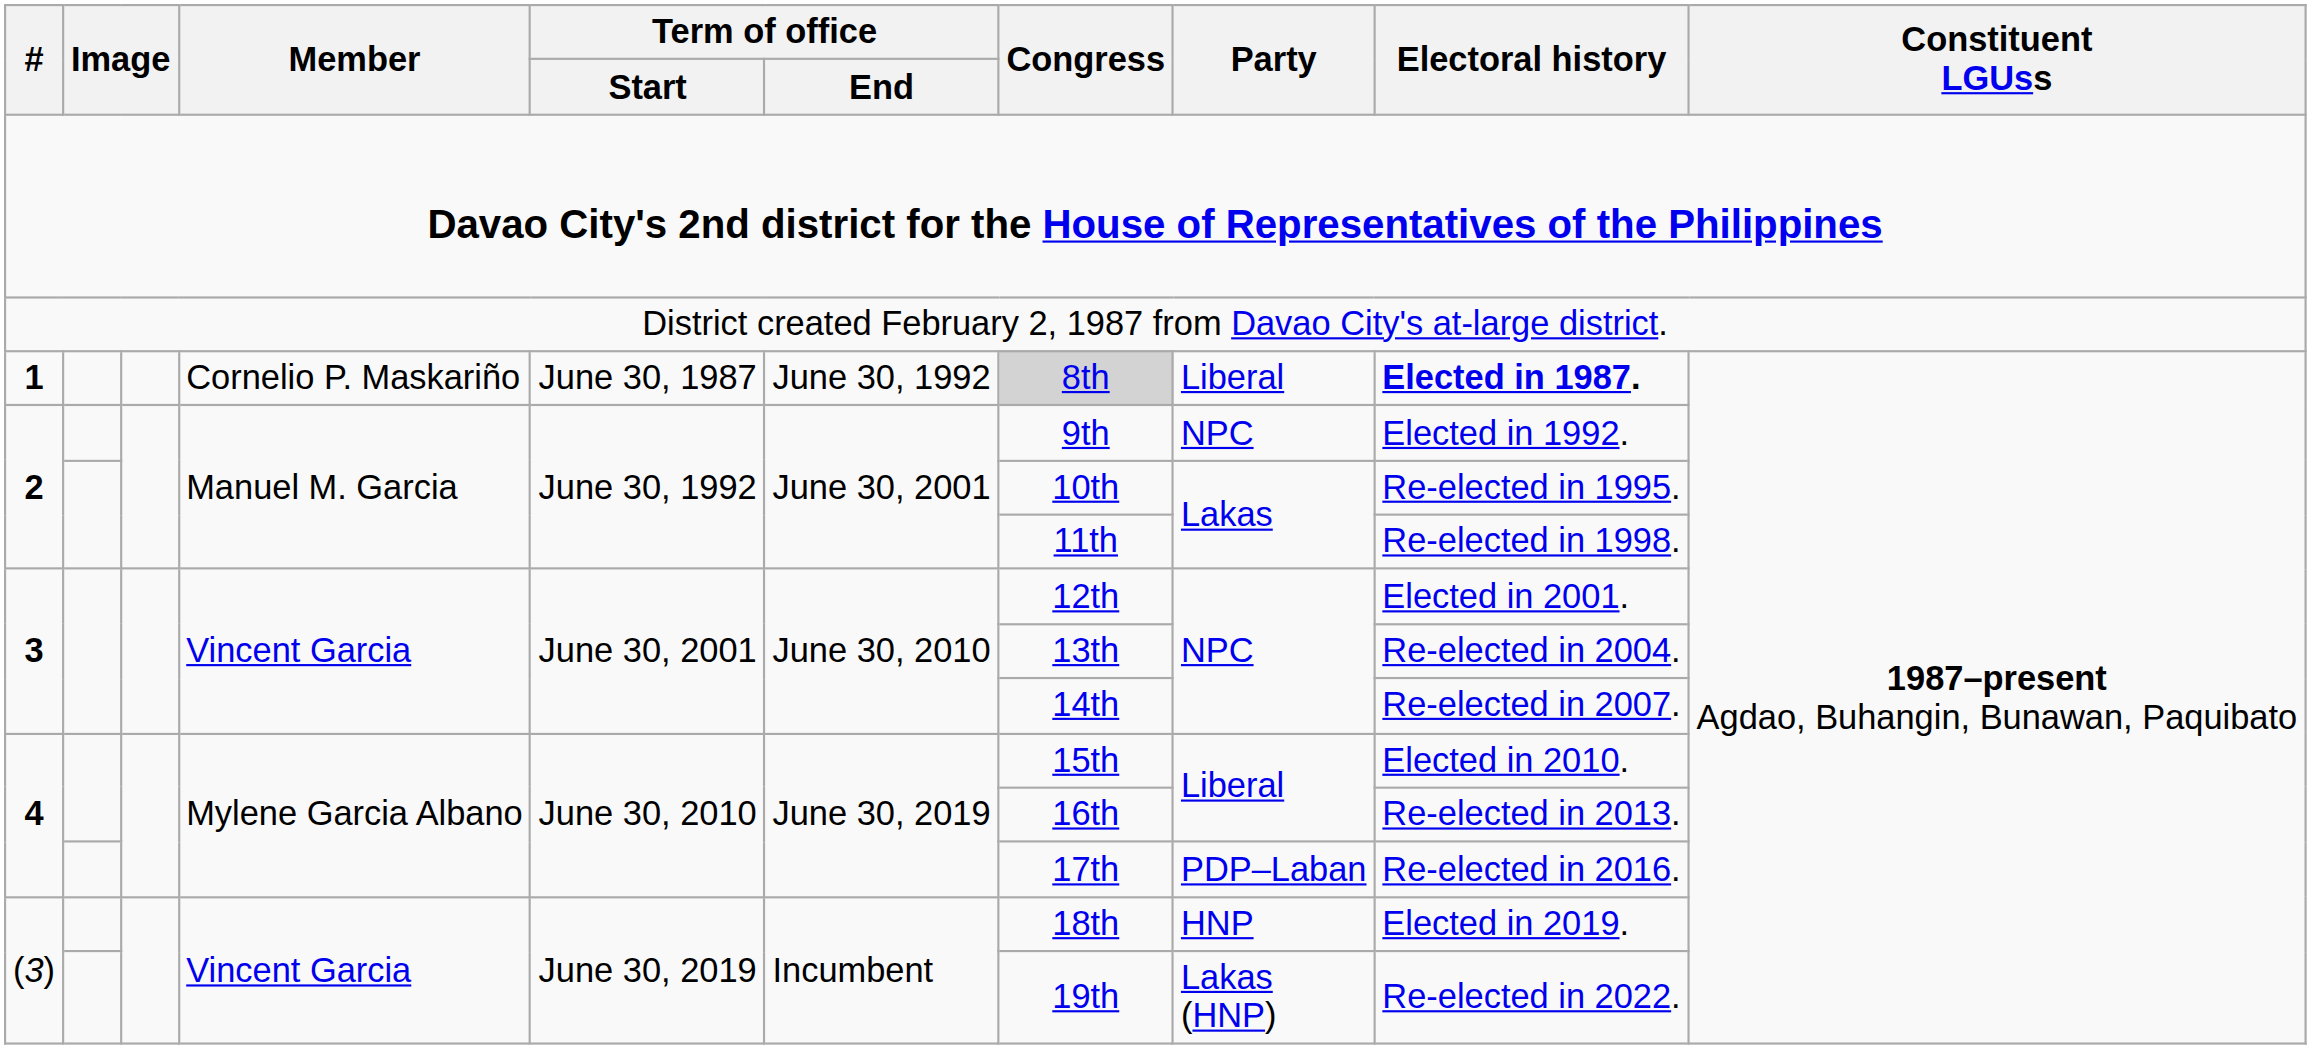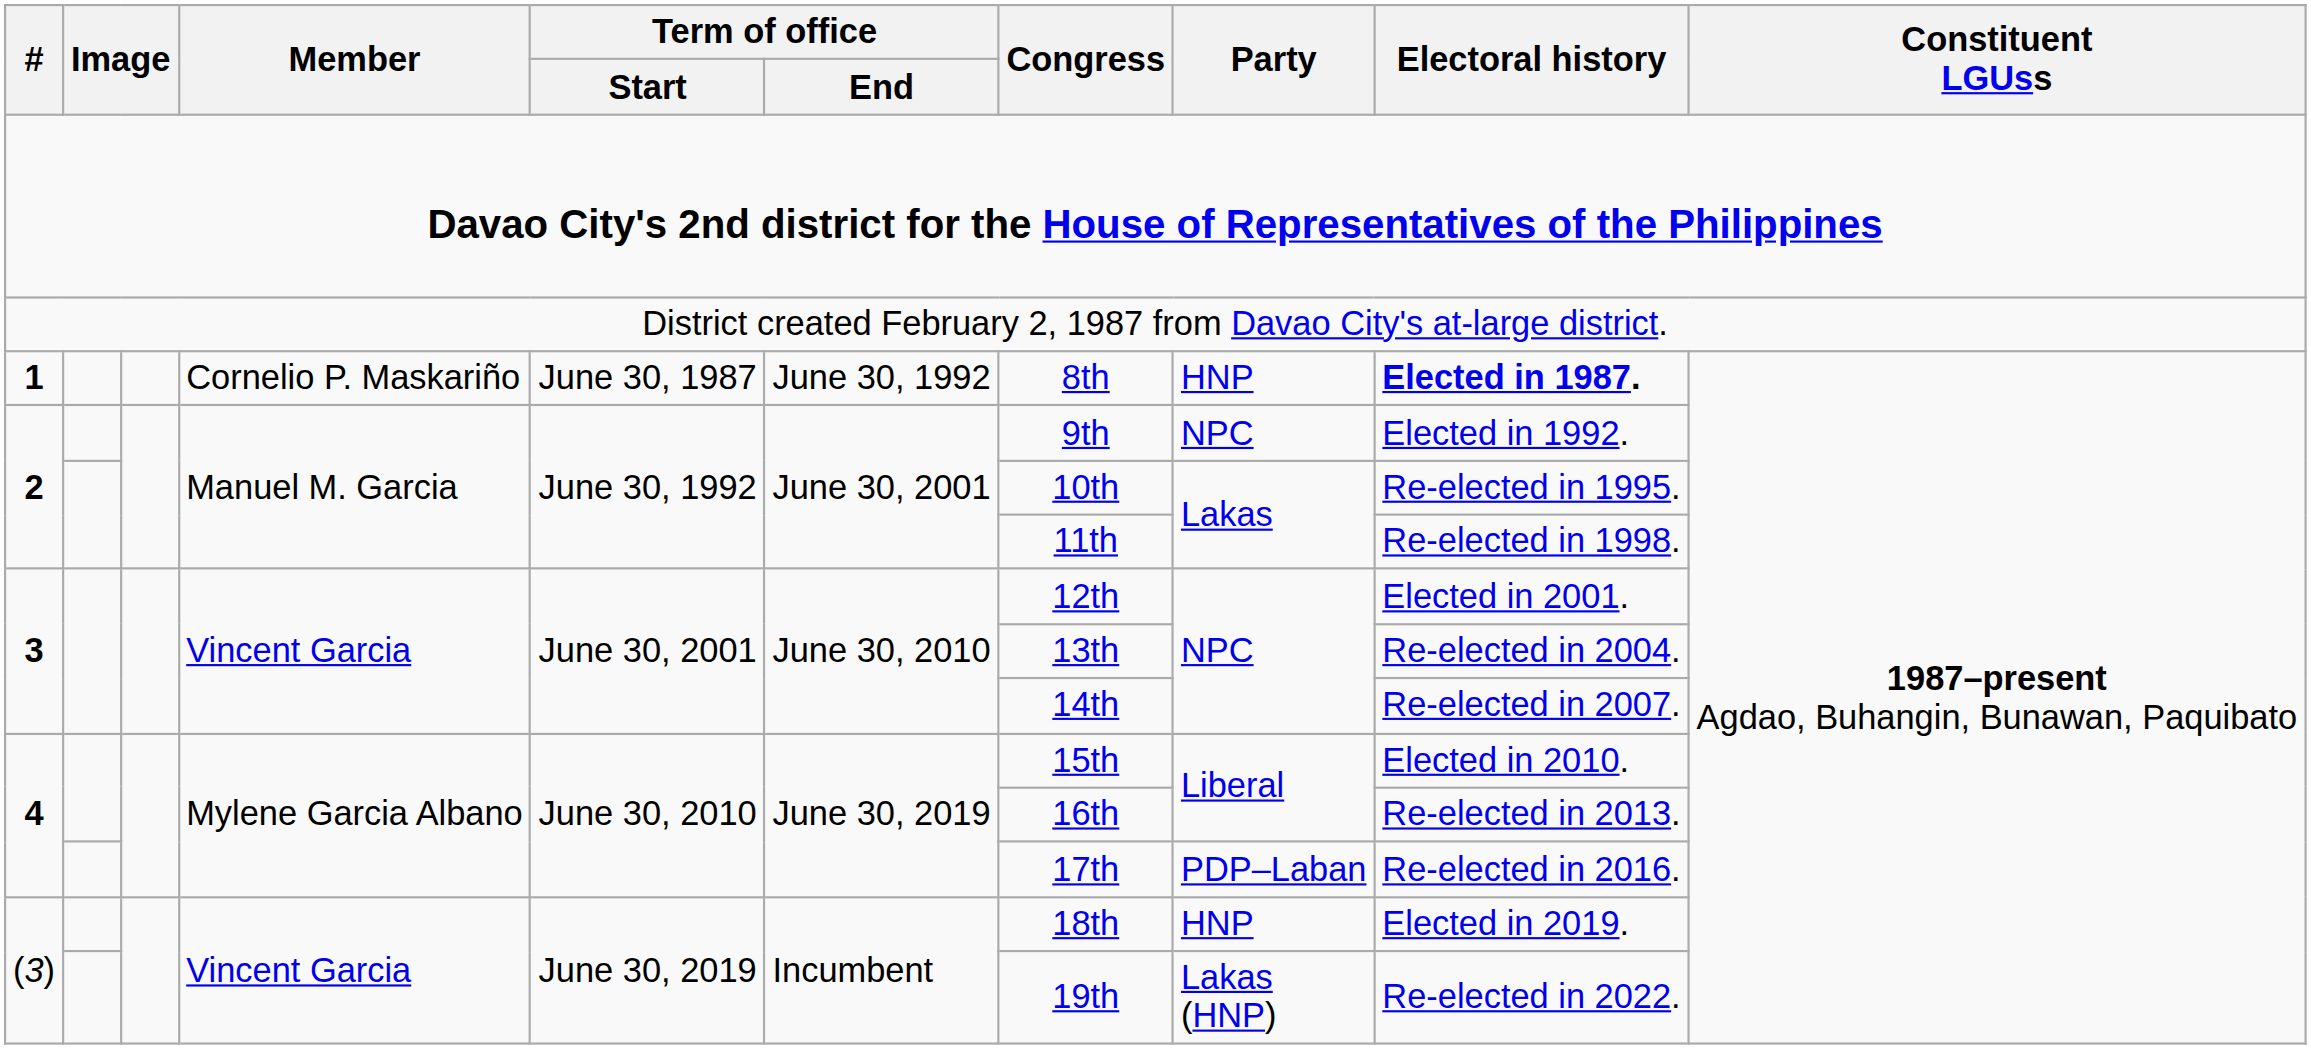 <table class=wikitable>
 <tr>
 <th rowspan="2">#</th>
 <th rowspan="2" colspan=2>Image</th>
 <th rowspan="2">Member</th>
 <th colspan=2>Term of office</th>
 <th rowspan="2">Congress</th>
 <th rowspan="2">Party</th>
 <th rowspan="2">Electoral history</th>
 <th rowspan="2">Constituent<br><a href='#'>LGUs</a>s</th>
 </tr>
 <tr>
 <th>Start</th>
 <th>End</th>
 </tr>
 <tr>
 <td colspan="10" style="text-align:center;"><br><h3>Davao City's 2nd district for the <a href='#'>House of Representatives of the Philippines</a></h3></td>
 </tr>
 <tr>
 <td colspan="10" style="text-align:center;">District created February 2, 1987 from <a href='#'>Davao City's at-large district</a>.</td>
 </tr>
 <tr>
 <td style="text-align:center;"><strong>1</strong></td>
 <td style="color:inherit;background:"></td>
 <td></td>
 <td>Cornelio P. Maskariño</td>
 <td>June 30, 1987</td>
 <td>June 30, 1992</td>
-<td style="background: lightgrey; text-align:center;"><a href='#'>8th</a></td>
-<td><a href='#'>Liberal</a></td>
+<td style="text-align:center;"><a href='#'>8th</a></td>
+<td><a href='#'>HNP</a></td>
 <td><strong><a href='#'>Elected in 1987</a>.</strong></td>
 <td rowspan="12" style="text-align:center;"><strong>1987–present</strong><br>Agdao, Buhangin, Bunawan, Paquibato</td>
 </tr>
 <tr>
 <td rowspan="3" style="text-align:center;"><strong>2</strong></td>
 <td style="color:inherit;background:"></td>
 <td rowspan="3"></td>
 <td rowspan="3">Manuel M. Garcia</td>
 <td rowspan="3">June 30, 1992</td>
 <td rowspan="3">June 30, 2001</td>
 <td style="text-align:center;"><a href='#'>9th</a></td>
 <td><a href='#'>NPC</a></td>
 <td><a href='#'>Elected in 1992</a>.</td>
 </tr>
 <tr>
 <td rowspan="2" style="color:inherit;background:"></td>
 <td style="text-align:center;"><a href='#'>10th</a></td>
 <td rowspan="2"><a href='#'>Lakas</a></td>
 <td><a href='#'>Re-elected in 1995</a>.</td>
 </tr>
 <tr>
 <td style="text-align:center;"><a href='#'>11th</a></td>
 <td><a href='#'>Re-elected in 1998</a>.</td>
 </tr>
 <tr>
 <td rowspan="3" style="text-align:center;"><strong>3</strong></td>
 <td rowspan="3" style="color:inherit;background:"></td>
 <td rowspan="3"></td>
 <td rowspan="3"><a href='#'>Vincent Garcia</a></td>
 <td rowspan="3">June 30, 2001</td>
 <td rowspan="3">June 30, 2010</td>
 <td style="text-align:center;"><a href='#'>12th</a></td>
 <td rowspan="3"><a href='#'>NPC</a></td>
 <td><a href='#'>Elected in 2001</a>.</td>
 </tr>
 <tr>
 <td style="text-align:center;"><a href='#'>13th</a></td>
 <td><a href='#'>Re-elected in 2004</a>.</td>
 </tr>
 <tr>
 <td style="text-align:center;"><a href='#'>14th</a></td>
 <td><a href='#'>Re-elected in 2007</a>.</td>
 </tr>
 <tr>
 <td rowspan="3" style="text-align:center;"><strong>4</strong></td>
 <td rowspan="2" style="color:inherit;background:"></td>
 <td rowspan="3"></td>
 <td rowspan="3">Mylene Garcia Albano</td>
 <td rowspan="3">June 30, 2010</td>
 <td rowspan="3">June 30, 2019</td>
 <td style="text-align:center;"><a href='#'>15th</a></td>
 <td rowspan="2"><a href='#'>Liberal</a></td>
 <td><a href='#'>Elected in 2010</a>.</td>
 </tr>
 <tr>
 <td style="text-align:center;"><a href='#'>16th</a></td>
 <td><a href='#'>Re-elected in 2013</a>.</td>
 </tr>
 <tr>
 <td style="color:inherit;background:"></td>
 <td style="text-align:center;"><a href='#'>17th</a></td>
 <td><a href='#'>PDP–Laban</a></td>
 <td><a href='#'>Re-elected in 2016</a>.</td>
 </tr>
 <tr>
 <td rowspan="2" style="text-align:center;">(<em>3</em>)</td>
 <td style="color:inherit;background:"></td>
 <td rowspan="2"></td>
 <td rowspan="2"><a href='#'>Vincent Garcia</a></td>
 <td rowspan="2">June 30, 2019</td>
 <td rowspan="2">Incumbent</td>
 <td style="text-align:center;"><a href='#'>18th</a></td>
 <td><a href='#'>HNP</a></td>
 <td><a href='#'>Elected in 2019</a>.</td>
 </tr>
 <tr>
 <td style="color:inherit;background:"></td>
 <td style="text-align:center;"><a href='#'>19th</a></td>
 <td><a href='#'>Lakas</a><br>(<a href='#'>HNP</a>)</td>
 <td><a href='#'>Re-elected in 2022</a>.</td>
 </tr>
 </table>
